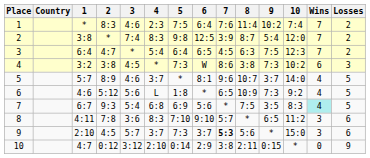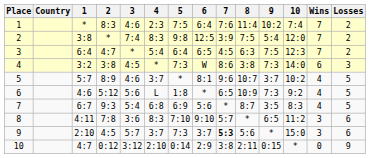 <table class=wikitable style="text-align: center;">
 <tr>
 <th>Place</th>
 <th>Country</th>
 <th width=20>1</th>
 <th width=20>2</th>
 <th width=20>3</th>
 <th width=20>4</th>
 <th width=20>5</th>
 <th width=20>6</th>
 <th width=20>7</th>
 <th width=20>8</th>
 <th width=20>9</th>
 <th width=20>10</th>
 <th width=20>Wins</th>
 <th width=20>Losses</th>
 </tr>
 <tr bgcolor=#ffc>
 <td>1</td>
 <td align="left"></td>
 <td>*</td>
 <td>8:3</td>
 <td>4:6</td>
 <td>2:3</td>
 <td>7:5</td>
 <td>6:4</td>
 <td>7:6</td>
 <td>11:4</td>
 <td>10:2</td>
 <td>7:4</td>
 <td>7</td>
 <td>2</td>
 </tr>
 <tr bgcolor=#ffc>
 <td>2</td>
 <td align="left"></td>
 <td>3:8</td>
 <td>*</td>
 <td>7:4</td>
 <td>8:3</td>
 <td>9:8</td>
 <td>12:5</td>
 <td>3:9</td>
-<td>8:7</td>
+<td>7:5</td>
 <td>5:4</td>
 <td>12:0</td>
 <td>7</td>
 <td>2</td>
 </tr>
 <tr bgcolor=#ffc>
 <td>3</td>
 <td align="left"></td>
 <td>6:4</td>
 <td>4:7</td>
 <td>*</td>
 <td>5:4</td>
 <td>6:4</td>
 <td>6:5</td>
 <td>4:5</td>
 <td>6:3</td>
 <td>7:5</td>
 <td>12:3</td>
 <td>7</td>
 <td>2</td>
 </tr>
 <tr bgcolor=#ffc>
 <td>4</td>
 <td align="left"></td>
 <td>3:2</td>
 <td>3:8</td>
 <td>4:5</td>
 <td>*</td>
 <td>7:3</td>
 <td>W</td>
 <td>8:6</td>
 <td>3:8</td>
 <td>7:3</td>
-<td>10:2</td>
+<td>14:0</td>
 <td>6</td>
 <td>3</td>
 </tr>
 <tr>
 <td>5</td>
 <td align="left"></td>
 <td>5:7</td>
 <td>8:9</td>
 <td>4:6</td>
 <td>3:7</td>
 <td>*</td>
 <td>8:1</td>
 <td>9:6</td>
 <td>10:7</td>
 <td>3:7</td>
-<td>14:0</td>
+<td>10:2</td>
 <td>4</td>
 <td>5</td>
 </tr>
 <tr>
 <td>6</td>
 <td align="left"></td>
 <td>4:6</td>
 <td>5:12</td>
 <td>5:6</td>
 <td>L</td>
 <td>1:8</td>
 <td>*</td>
 <td>6:5</td>
 <td>10:9</td>
 <td>7:3</td>
 <td>9:2</td>
 <td>4</td>
 <td>5</td>
 </tr>
 <tr>
 <td>7</td>
 <td align="left"></td>
 <td>6:7</td>
 <td>9:3</td>
 <td>5:4</td>
 <td>6:8</td>
 <td>6:9</td>
 <td>5:6</td>
 <td>*</td>
-<td>7:5</td>
+<td>8:7</td>
 <td>3:5</td>
 <td>8:3</td>
-<td style="background: paleturquoise;">4</td>
+<td>4</td>
 <td>5</td>
 </tr>
 <tr>
 <td>8</td>
 <td align="left"></td>
 <td>4:11</td>
 <td>7:8</td>
 <td>3:6</td>
 <td>8:3</td>
 <td>7:10</td>
 <td>9:10</td>
 <td>5:7</td>
 <td>*</td>
 <td>6:5</td>
 <td>11:2</td>
 <td>3</td>
 <td>6</td>
 </tr>
 <tr>
 <td>9</td>
 <td align="left"></td>
 <td>2:10</td>
 <td>4:5</td>
 <td>5:7</td>
 <td>3:7</td>
 <td>7:3</td>
 <td>3:7</td>
 <td><strong>5:3</strong></td>
 <td>5:6</td>
 <td>*</td>
 <td>15:0</td>
 <td>3</td>
 <td>6</td>
 </tr>
 <tr>
 <td>10</td>
 <td align="left"></td>
 <td>4:7</td>
 <td>0:12</td>
 <td>3:12</td>
 <td>2:10</td>
 <td>0:14</td>
 <td>2:9</td>
 <td>3:8</td>
 <td>2:11</td>
 <td>0:15</td>
 <td>*</td>
 <td>0</td>
 <td>9</td>
 </tr>
 </table>
